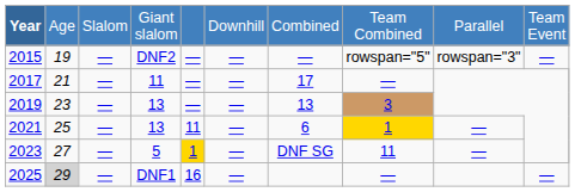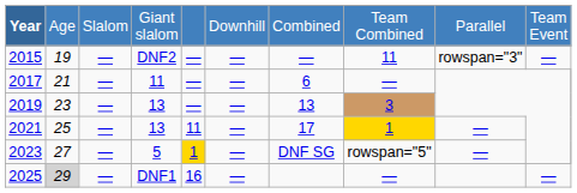 <table class="wikitable" style="font-size:95%; text-align:center; border:grey solid 1px; border-collapse:collapse;" width="40%">
 <tr style="background-color:#369; color:white;">
 <td rowspan="2" colspan="1" width="4%"><strong>Year</strong></td>
 </tr>
 <tr style="background-color:#4180be; color:white;">
 <td width="3%">Age</td>
 <td width="5%">Slalom</td>
 <td width="5%">Giant<br>slalom</td>
 <td width="5%"></td>
 <td width="5%">Downhill</td>
 <td width="5%">Combined</td>
 <td width="5%">Team<br>Combined</td>
 <td width="5%">Parallel</td>
 <td width="5%">Team Event</td>
 </tr>
 <tr style="background-color:#8CB2D8; color:white;">
 </tr>
 <tr>
 <td><a href='#'>2015</a></td>
 <td><em>19</em></td>
 <td><a href='#'>—</a></td>
 <td><a href='#'>DNF2</a></td>
 <td><a href='#'>—</a></td>
 <td><a href='#'>—</a></td>
 <td><a href='#'>—</a></td>
-<td>rowspan="5"</td>
+<td><a href='#'>11</a></td>
 <td>rowspan="3" </td>
 <td><a href='#'>—</a></td>
 </tr>
 <tr>
 <td><a href='#'>2017</a></td>
 <td><em>21</em></td>
 <td><a href='#'>—</a></td>
 <td><a href='#'>11</a></td>
 <td><a href='#'>—</a></td>
 <td><a href='#'>—</a></td>
-<td><a href='#'>17</a></td>
+<td><a href='#'>6</a></td>
 <td><a href='#'>—</a></td>
 </tr>
 <tr>
 <td><a href='#'>2019</a></td>
 <td><em>23</em></td>
 <td><a href='#'>—</a></td>
 <td><a href='#'>13</a></td>
 <td><a href='#'>—</a></td>
 <td><a href='#'>—</a></td>
 <td><a href='#'>13</a></td>
 <td style="background:#cc9966;"><a href='#'>3</a></td>
 </tr>
 <tr>
 <td><a href='#'>2021</a></td>
 <td><em>25</em></td>
 <td><a href='#'>—</a></td>
 <td><a href='#'>13</a></td>
 <td><a href='#'>11</a></td>
 <td><a href='#'>—</a></td>
-<td><a href='#'>6</a></td>
+<td><a href='#'>17</a></td>
 <td style="background:gold;"><a href='#'>1</a></td>
 <td><a href='#'>—</a></td>
 </tr>
 <tr>
 <td><a href='#'>2023</a></td>
 <td><em>27</em></td>
 <td><a href='#'>—</a></td>
 <td><a href='#'>5</a></td>
 <td style="background:gold;"><a href='#'>1</a></td>
 <td><a href='#'>—</a></td>
 <td><a href='#'>DNF SG</a></td>
-<td><a href='#'>11</a></td>
+<td>rowspan="5"</td>
 <td><a href='#'>—</a></td>
 </tr>
 <tr>
 <td><a href='#'>2025</a></td>
 <td style="background: lightgrey;"><em>29</em></td>
 <td><a href='#'>—</a></td>
 <td><a href='#'>DNF1</a></td>
 <td><a href='#'>16</a></td>
 <td><a href='#'>—</a></td>
 <td></td>
 <td><a href='#'>—</a></td>
 <td></td>
 <td><a href='#'>—</a></td>
 </tr>
 </table>
